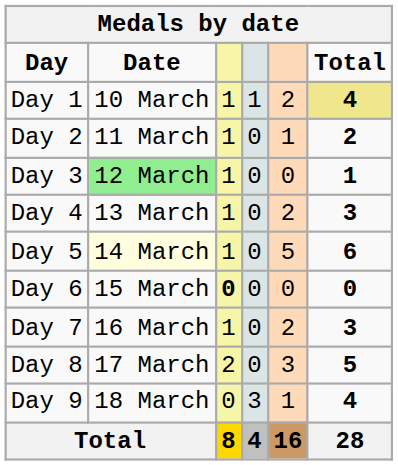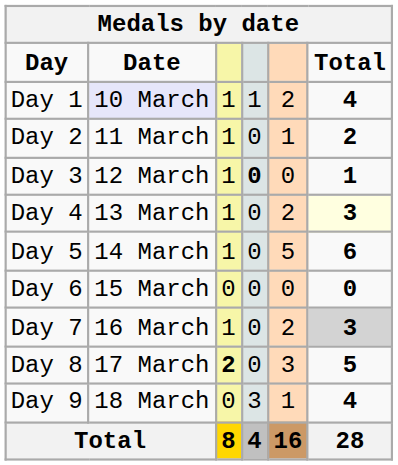 <table class="wikitable" style="font-size:85%;float:right;clear:right;margin-left:1em;">
 <tr style="background:#efefef;">
 <th colspan=6>Medals by date</th>
 </tr>
 <tr align=center>
 <td><strong>Day</strong></td>
 <td><strong>Date</strong></td>
 <td style="background:#f7f6a8;"></td>
 <td style="background:#dce5e5;"></td>
 <td style="background:#ffdab9;"></td>
 <td><strong>Total</strong></td>
 </tr>
 <tr align=center>
 <td>Day 1</td>
-<td>10 March</td>
+<td style="background: lavender;">10 March</td>
 <td style="background:#f7f6a8;">1</td>
 <td style="background:#dce5e5;">1</td>
 <td style="background:#ffdab9;">2</td>
-<td style="background: khaki;"><strong>4</strong></td>
+<td><strong>4</strong></td>
 </tr>
 <tr align=center>
 <td>Day 2</td>
 <td>11 March</td>
 <td style="background:#f7f6a8;">1</td>
 <td style="background:#dce5e5;">0</td>
 <td style="background:#ffdab9;">1</td>
 <td><strong>2</strong></td>
 </tr>
 <tr align=center>
 <td>Day 3</td>
-<td style="background: lightgreen;">12 March</td>
+<td>12 March</td>
 <td style="background:#f7f6a8;">1</td>
-<td style="background:#dce5e5;">0</td>
+<td style="background:#dce5e5;"><strong>0</strong></td>
 <td style="background:#ffdab9;">0</td>
 <td><strong>1</strong></td>
 </tr>
 <tr align=center>
 <td>Day 4</td>
 <td>13 March</td>
 <td style="background:#f7f6a8;">1</td>
 <td style="background:#dce5e5;">0</td>
 <td style="background:#ffdab9;">2</td>
-<td><strong>3</strong></td>
+<td style="background: lightyellow;"><strong>3</strong></td>
 </tr>
 <tr align=center>
 <td>Day 5</td>
-<td style="background: lightyellow;">14 March</td>
+<td>14 March</td>
 <td style="background:#f7f6a8;">1</td>
 <td style="background:#dce5e5;">0</td>
 <td style="background:#ffdab9;">5</td>
 <td><strong>6</strong></td>
 </tr>
 <tr align=center>
 <td>Day 6</td>
 <td>15 March</td>
-<td style="background:#f7f6a8;"><strong>0</strong></td>
+<td style="background:#f7f6a8;">0</td>
 <td style="background:#dce5e5;">0</td>
 <td style="background:#ffdab9;">0</td>
 <td><strong>0</strong></td>
 </tr>
 <tr align=center>
 <td>Day 7</td>
 <td>16 March</td>
 <td style="background:#f7f6a8;">1</td>
 <td style="background:#dce5e5;">0</td>
 <td style="background:#ffdab9;">2</td>
-<td><strong>3</strong></td>
+<td style="background: lightgrey;"><strong>3</strong></td>
 </tr>
 <tr align=center>
 <td>Day 8</td>
 <td>17 March</td>
-<td style="background:#f7f6a8;">2</td>
+<td style="background:#f7f6a8;"><strong>2</strong></td>
 <td style="background:#dce5e5;">0</td>
 <td style="background:#ffdab9;">3</td>
 <td><strong>5</strong></td>
 </tr>
 <tr align=center>
 <td>Day 9</td>
 <td>18 March</td>
 <td style="background:#f7f6a8;">0</td>
 <td style="background:#dce5e5;">3</td>
 <td style="background:#ffdab9;">1</td>
 <td><strong>4</strong></td>
 </tr>
 <tr align=center>
 <th colspan=2>Total</th>
 <th style="background:gold;">8</th>
 <th style="background:silver;">4</th>
 <th style="background:#c96;">16</th>
 <th>28</th>
 </tr>
 </table>
